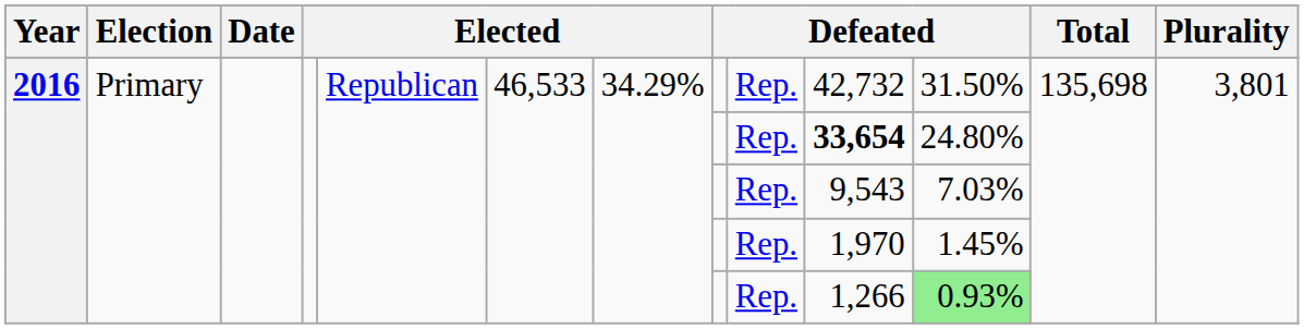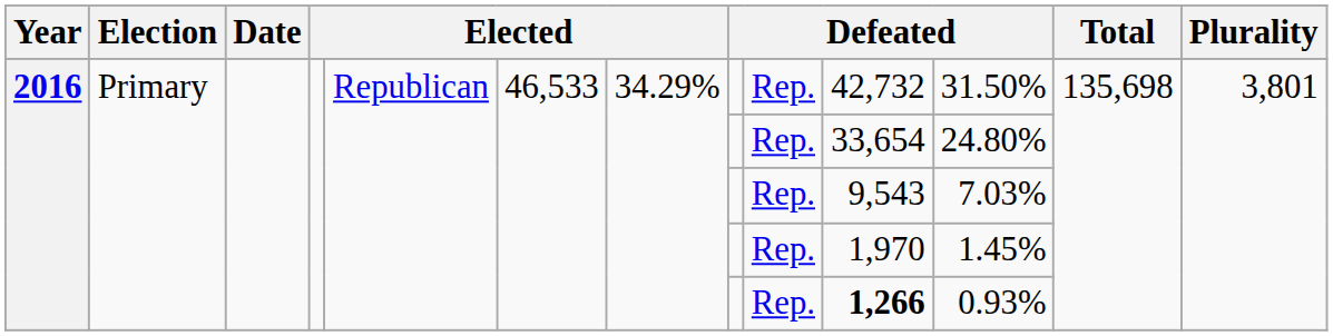 <table class="wikitable">
 <tr>
 <th>Year</th>
 <th>Election</th>
 <th>Date</th>
 <th colspan="4">Elected</th>
 <th colspan="4">Defeated</th>
 <th>Total</th>
 <th>Plurality</th>
 </tr>
 <tr>
 <th rowspan="5" valign="top"><a href='#'>2016</a></th>
 <td rowspan="5" valign="top">Primary</td>
 <td rowspan="5" valign="top"></td>
 <td rowspan="5" valign="top"></td>
 <td valign="top" rowspan="5" ><a href='#'>Republican</a></td>
 <td rowspan="5" align="right" valign="top">46,533</td>
 <td rowspan="5" align="right" valign="top">34.29%</td>
 <td></td>
 <td valign="top" ><a href='#'>Rep.</a></td>
 <td align="right" valign="top">42,732</td>
 <td align="right" valign="top">31.50%</td>
 <td rowspan="5" align="right" valign="top">135,698</td>
 <td rowspan="5" align="right" valign="top">3,801</td>
 </tr>
 <tr>
 <td></td>
 <td valign="top" ><a href='#'>Rep.</a></td>
-<td align="right" valign="top"><strong>33,654</strong></td>
+<td align="right" valign="top">33,654</td>
 <td align="right" valign="top">24.80%</td>
 </tr>
 <tr>
 <td></td>
 <td valign="top" ><a href='#'>Rep.</a></td>
 <td align="right" valign="top">9,543</td>
 <td align="right" valign="top">7.03%</td>
 </tr>
 <tr>
 <td></td>
 <td valign="top" ><a href='#'>Rep.</a></td>
 <td align="right" valign="top">1,970</td>
 <td align="right" valign="top">1.45%</td>
 </tr>
 <tr>
 <td></td>
 <td valign="top" ><a href='#'>Rep.</a></td>
-<td align="right" valign="top">1,266</td>
-<td align="right" valign="top" style="background: lightgreen;">0.93%</td>
+<td align="right" valign="top"><strong>1,266</strong></td>
+<td align="right" valign="top">0.93%</td>
 </tr>
 </table>
